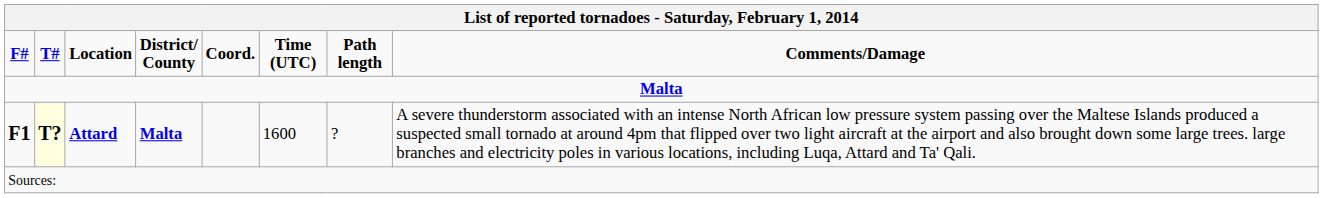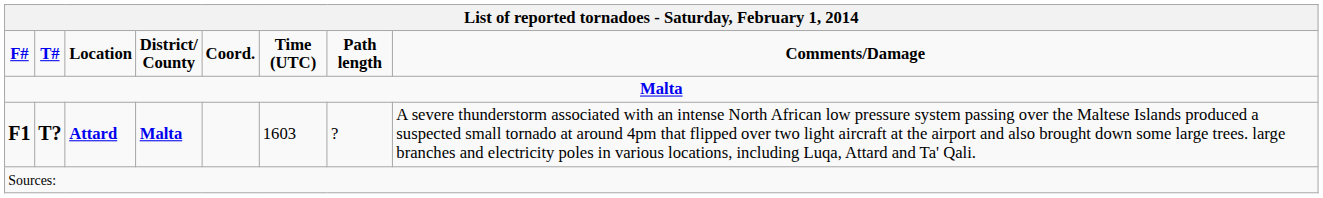 <table class="wikitable collapsible" width="100%">
 <tr>
 <th colspan="8">List of reported tornadoes - Saturday, February 1, 2014</th>
 </tr>
 <tr>
 <td style="text-align: center;"><strong><a href='#'>F#</a></strong></td>
 <td style="text-align: center;"><strong><a href='#'>T#</a></strong></td>
 <td style="text-align: center;"><strong>Location</strong></td>
 <td style="text-align: center;"><strong>District/<br>County</strong></td>
 <td style="text-align: center;"><strong>Coord.</strong></td>
 <td style="text-align: center;"><strong>Time (UTC)</strong></td>
 <td style="text-align: center;"><strong>Path length</strong></td>
 <td style="text-align: center;"><strong>Comments/Damage</strong></td>
 </tr>
 <tr>
 <td colspan="8" align=center><strong><a href='#'>Malta</a></strong></td>
 </tr>
 <tr>
 <td><big><strong>F1</strong></big></td>
-<td style="background: lightyellow;"><big><strong>T?</strong></big></td>
+<td><big><strong>T?</strong></big></td>
 <td><strong><a href='#'>Attard</a></strong></td>
 <td><strong><a href='#'>Malta</a></strong></td>
 <td></td>
-<td>1600</td>
+<td>1603</td>
 <td>?</td>
 <td>A severe thunderstorm associated with an intense North African low pressure system passing over the Maltese Islands produced a suspected small tornado at around 4pm that flipped over two light aircraft at the airport and also brought down some large trees. large branches and electricity poles in various locations, including Luqa, Attard and Ta' Qali.</td>
 </tr>
 <tr>
 <td colspan="8"><small>Sources:</small></td>
 </tr>
 </table>
